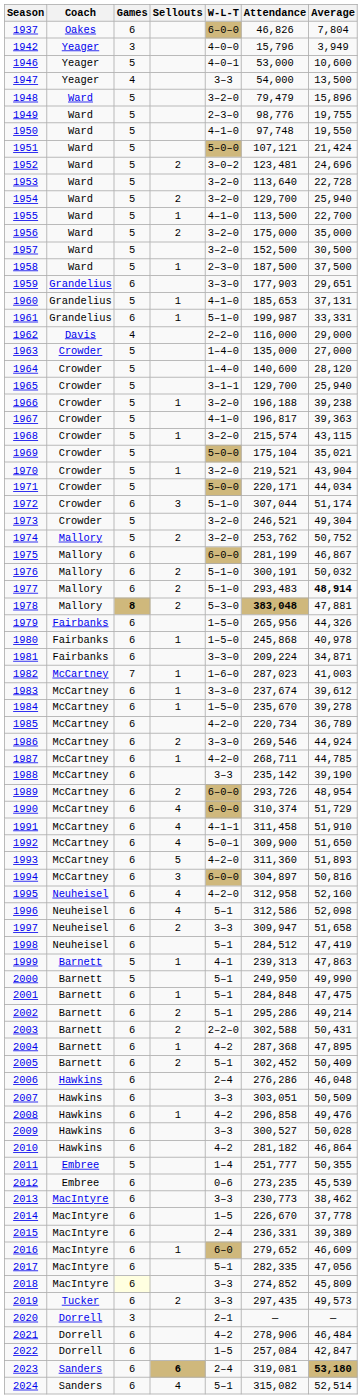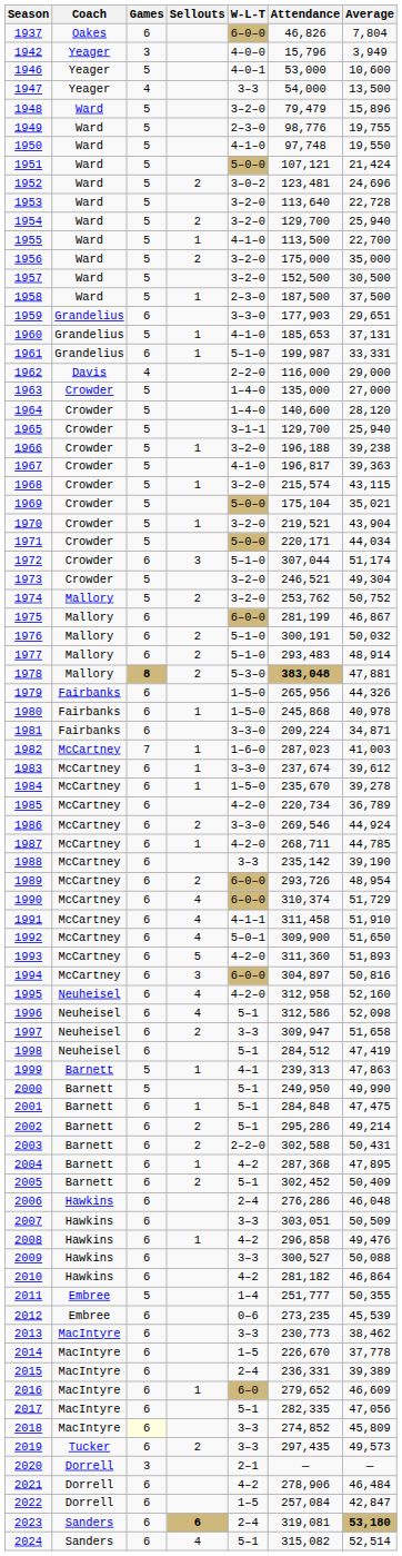 <table class="wikitable" style="text-align:center">
 <tr>
 <th>Season</th>
 <th>Coach</th>
 <th>Games</th>
 <th>Sellouts</th>
 <th>W-L-T</th>
 <th>Attendance</th>
 <th>Average</th>
 </tr>
 <tr>
 <td><a href='#'>1937</a></td>
 <td><a href='#'>Oakes</a></td>
 <td>6</td>
 <td></td>
 <td style="background: #CFB87C">6–0–0</td>
 <td>46,826</td>
 <td>7,804</td>
 </tr>
 <tr>
 <td><a href='#'>1942</a></td>
 <td><a href='#'>Yeager</a></td>
 <td>3</td>
 <td></td>
 <td>4–0–0</td>
 <td>15,796</td>
 <td>3,949</td>
 </tr>
 <tr>
 <td><a href='#'>1946</a></td>
 <td>Yeager</td>
 <td>5</td>
 <td></td>
 <td>4–0–1</td>
 <td>53,000</td>
 <td>10,600</td>
 </tr>
 <tr>
 <td><a href='#'>1947</a></td>
 <td>Yeager</td>
 <td>4</td>
 <td></td>
 <td>3–3</td>
 <td>54,000</td>
 <td>13,500</td>
 </tr>
 <tr>
 <td><a href='#'>1948</a></td>
 <td><a href='#'>Ward</a></td>
 <td>5</td>
 <td></td>
 <td>3–2–0</td>
 <td>79,479</td>
 <td>15,896</td>
 </tr>
 <tr>
 <td><a href='#'>1949</a></td>
 <td>Ward</td>
 <td>5</td>
 <td></td>
 <td>2–3–0</td>
 <td>98,776</td>
 <td>19,755</td>
 </tr>
 <tr>
 <td><a href='#'>1950</a></td>
 <td>Ward</td>
 <td>5</td>
 <td></td>
 <td>4–1–0</td>
 <td>97,748</td>
 <td>19,550</td>
 </tr>
 <tr>
 <td><a href='#'>1951</a></td>
 <td>Ward</td>
 <td>5</td>
 <td></td>
 <td style="background: #CFB87C">5–0–0</td>
 <td>107,121</td>
 <td>21,424</td>
 </tr>
 <tr>
 <td><a href='#'>1952</a></td>
 <td>Ward</td>
 <td>5</td>
 <td>2</td>
 <td>3–0–2</td>
 <td>123,481</td>
 <td>24,696</td>
 </tr>
 <tr>
 <td><a href='#'>1953</a></td>
 <td>Ward</td>
 <td>5</td>
 <td></td>
 <td>3–2–0</td>
 <td>113,640</td>
 <td>22,728</td>
 </tr>
 <tr>
 <td><a href='#'>1954</a></td>
 <td>Ward</td>
 <td>5</td>
 <td>2</td>
 <td>3–2–0</td>
 <td>129,700</td>
 <td>25,940</td>
 </tr>
 <tr>
 <td><a href='#'>1955</a></td>
 <td>Ward</td>
 <td>5</td>
 <td>1</td>
 <td>4–1–0</td>
 <td>113,500</td>
 <td>22,700</td>
 </tr>
 <tr>
 <td><a href='#'>1956</a></td>
 <td>Ward</td>
 <td>5</td>
 <td>2</td>
 <td>3–2–0</td>
 <td>175,000</td>
 <td>35,000</td>
 </tr>
 <tr>
 <td><a href='#'>1957</a></td>
 <td>Ward</td>
 <td>5</td>
 <td></td>
 <td>3–2–0</td>
 <td>152,500</td>
 <td>30,500</td>
 </tr>
 <tr>
 <td><a href='#'>1958</a></td>
 <td>Ward</td>
 <td>5</td>
 <td>1</td>
 <td>2–3–0</td>
 <td>187,500</td>
 <td>37,500</td>
 </tr>
 <tr>
 <td><a href='#'>1959</a></td>
 <td><a href='#'>Grandelius</a></td>
 <td>6</td>
 <td></td>
 <td>3–3–0</td>
 <td>177,903</td>
 <td>29,651</td>
 </tr>
 <tr>
 <td><a href='#'>1960</a></td>
 <td>Grandelius</td>
 <td>5</td>
 <td>1</td>
 <td>4–1–0</td>
 <td>185,653</td>
 <td>37,131</td>
 </tr>
 <tr>
 <td><a href='#'>1961</a></td>
 <td>Grandelius</td>
 <td>6</td>
 <td>1</td>
 <td>5–1–0</td>
 <td>199,987</td>
 <td>33,331</td>
 </tr>
 <tr>
 <td><a href='#'>1962</a></td>
 <td><a href='#'>Davis</a></td>
 <td>4</td>
 <td></td>
 <td>2–2–0</td>
 <td>116,000</td>
 <td>29,000</td>
 </tr>
 <tr>
 <td><a href='#'>1963</a></td>
 <td><a href='#'>Crowder</a></td>
 <td>5</td>
 <td></td>
 <td>1–4–0</td>
 <td>135,000</td>
 <td>27,000</td>
 </tr>
 <tr>
 <td><a href='#'>1964</a></td>
 <td>Crowder</td>
 <td>5</td>
 <td></td>
 <td>1–4–0</td>
 <td>140,600</td>
 <td>28,120</td>
 </tr>
 <tr>
 <td><a href='#'>1965</a></td>
 <td>Crowder</td>
 <td>5</td>
 <td></td>
 <td>3–1–1</td>
 <td>129,700</td>
 <td>25,940</td>
 </tr>
 <tr>
 <td><a href='#'>1966</a></td>
 <td>Crowder</td>
 <td>5</td>
 <td>1</td>
 <td>3–2–0</td>
 <td>196,188</td>
 <td>39,238</td>
 </tr>
 <tr>
 <td><a href='#'>1967</a></td>
 <td>Crowder</td>
 <td>5</td>
 <td></td>
 <td>4–1–0</td>
 <td>196,817</td>
 <td>39,363</td>
 </tr>
 <tr>
 <td><a href='#'>1968</a></td>
 <td>Crowder</td>
 <td>5</td>
 <td>1</td>
 <td>3–2–0</td>
 <td>215,574</td>
 <td>43,115</td>
 </tr>
 <tr>
 <td><a href='#'>1969</a></td>
 <td>Crowder</td>
 <td>5</td>
 <td></td>
 <td style="background: #CFB87C">5–0–0</td>
 <td>175,104</td>
 <td>35,021</td>
 </tr>
 <tr>
 <td><a href='#'>1970</a></td>
 <td>Crowder</td>
 <td>5</td>
 <td>1</td>
 <td>3–2–0</td>
 <td>219,521</td>
 <td>43,904</td>
 </tr>
 <tr>
 <td><a href='#'>1971</a></td>
 <td>Crowder</td>
 <td>5</td>
 <td></td>
 <td style="background: #CFB87C">5–0–0</td>
 <td>220,171</td>
 <td>44,034</td>
 </tr>
 <tr>
 <td><a href='#'>1972</a></td>
 <td>Crowder</td>
 <td>6</td>
 <td>3</td>
 <td>5–1–0</td>
 <td>307,044</td>
 <td>51,174</td>
 </tr>
 <tr>
 <td><a href='#'>1973</a></td>
 <td>Crowder</td>
 <td>5</td>
 <td></td>
 <td>3–2–0</td>
 <td>246,521</td>
 <td>49,304</td>
 </tr>
 <tr>
 <td><a href='#'>1974</a></td>
 <td><a href='#'>Mallory</a></td>
 <td>5</td>
 <td>2</td>
 <td>3–2–0</td>
 <td>253,762</td>
 <td>50,752</td>
 </tr>
 <tr>
 <td><a href='#'>1975</a></td>
 <td>Mallory</td>
 <td>6</td>
 <td></td>
 <td style="background: #CFB87C">6–0–0</td>
 <td>281,199</td>
 <td>46,867</td>
 </tr>
 <tr>
 <td><a href='#'>1976</a></td>
 <td>Mallory</td>
 <td>6</td>
 <td>2</td>
 <td>5–1–0</td>
 <td>300,191</td>
 <td>50,032</td>
 </tr>
 <tr>
 <td><a href='#'>1977</a></td>
 <td>Mallory</td>
 <td>6</td>
 <td>2</td>
 <td>5–1–0</td>
 <td>293,483</td>
-<td><strong>48,914</strong></td>
+<td>48,914</td>
 </tr>
 <tr>
 <td><a href='#'>1978</a></td>
 <td>Mallory</td>
 <td style="background: #CFB87C"><strong>8</strong></td>
 <td>2</td>
 <td>5–3–0</td>
 <td style="background: #CFB87C"><strong>383,048</strong></td>
 <td>47,881</td>
 </tr>
 <tr>
 <td><a href='#'>1979</a></td>
 <td><a href='#'>Fairbanks</a></td>
 <td>6</td>
 <td></td>
 <td>1–5–0</td>
 <td>265,956</td>
 <td>44,326</td>
 </tr>
 <tr>
 <td><a href='#'>1980</a></td>
 <td>Fairbanks</td>
 <td>6</td>
 <td>1</td>
 <td>1–5–0</td>
 <td>245,868</td>
 <td>40,978</td>
 </tr>
 <tr>
 <td><a href='#'>1981</a></td>
 <td>Fairbanks</td>
 <td>6</td>
 <td></td>
 <td>3–3–0</td>
 <td>209,224</td>
 <td>34,871</td>
 </tr>
 <tr>
 <td><a href='#'>1982</a></td>
 <td><a href='#'>McCartney</a></td>
 <td>7</td>
 <td>1</td>
 <td>1–6–0</td>
 <td>287,023</td>
 <td>41,003</td>
 </tr>
 <tr>
 <td><a href='#'>1983</a></td>
 <td>McCartney</td>
 <td>6</td>
 <td>1</td>
 <td>3–3–0</td>
 <td>237,674</td>
 <td>39,612</td>
 </tr>
 <tr>
 <td><a href='#'>1984</a></td>
 <td>McCartney</td>
 <td>6</td>
 <td>1</td>
 <td>1–5–0</td>
 <td>235,670</td>
 <td>39,278</td>
 </tr>
 <tr>
 <td><a href='#'>1985</a></td>
 <td>McCartney</td>
 <td>6</td>
 <td></td>
 <td>4–2–0</td>
 <td>220,734</td>
 <td>36,789</td>
 </tr>
 <tr>
 <td><a href='#'>1986</a></td>
 <td>McCartney</td>
 <td>6</td>
 <td>2</td>
 <td>3–3–0</td>
 <td>269,546</td>
 <td>44,924</td>
 </tr>
 <tr>
 <td><a href='#'>1987</a></td>
 <td>McCartney</td>
 <td>6</td>
 <td>1</td>
 <td>4–2–0</td>
 <td>268,711</td>
 <td>44,785</td>
 </tr>
 <tr>
 <td><a href='#'>1988</a></td>
 <td>McCartney</td>
 <td>6</td>
 <td></td>
 <td>3–3</td>
 <td>235,142</td>
 <td>39,190</td>
 </tr>
 <tr>
 <td><a href='#'>1989</a></td>
 <td>McCartney</td>
 <td>6</td>
 <td>2</td>
 <td style="background: #CFB87C">6–0–0</td>
 <td>293,726</td>
 <td>48,954</td>
 </tr>
 <tr>
 <td><a href='#'>1990</a></td>
 <td>McCartney</td>
 <td>6</td>
 <td>4</td>
 <td style="background: #CFB87C">6–0–0</td>
 <td>310,374</td>
 <td>51,729</td>
 </tr>
 <tr>
 <td><a href='#'>1991</a></td>
 <td>McCartney</td>
 <td>6</td>
 <td>4</td>
 <td>4–1–1</td>
 <td>311,458</td>
 <td>51,910</td>
 </tr>
 <tr>
 <td><a href='#'>1992</a></td>
 <td>McCartney</td>
 <td>6</td>
 <td>4</td>
 <td>5–0–1</td>
 <td>309,900</td>
 <td>51,650</td>
 </tr>
 <tr>
 <td><a href='#'>1993</a></td>
 <td>McCartney</td>
 <td>6</td>
 <td>5</td>
 <td>4–2–0</td>
 <td>311,360</td>
 <td>51,893</td>
 </tr>
 <tr>
 <td><a href='#'>1994</a></td>
 <td>McCartney</td>
 <td>6</td>
 <td>3</td>
 <td style="background: #CFB87C">6–0–0</td>
 <td>304,897</td>
 <td>50,816</td>
 </tr>
 <tr>
 <td><a href='#'>1995</a></td>
 <td><a href='#'>Neuheisel</a></td>
 <td>6</td>
 <td>4</td>
 <td>4–2–0</td>
 <td>312,958</td>
 <td>52,160</td>
 </tr>
 <tr>
 <td><a href='#'>1996</a></td>
 <td>Neuheisel</td>
 <td>6</td>
 <td>4</td>
 <td>5–1</td>
 <td>312,586</td>
 <td>52,098</td>
 </tr>
 <tr>
 <td><a href='#'>1997</a></td>
 <td>Neuheisel</td>
 <td>6</td>
 <td>2</td>
 <td>3–3</td>
 <td>309,947</td>
 <td>51,658</td>
 </tr>
 <tr>
 <td><a href='#'>1998</a></td>
 <td>Neuheisel</td>
 <td>6</td>
 <td></td>
 <td>5–1</td>
 <td>284,512</td>
 <td>47,419</td>
 </tr>
 <tr>
 <td><a href='#'>1999</a></td>
 <td><a href='#'>Barnett</a></td>
 <td>5</td>
 <td>1</td>
 <td>4–1</td>
 <td>239,313</td>
 <td>47,863</td>
 </tr>
 <tr>
 <td><a href='#'>2000</a></td>
 <td>Barnett</td>
 <td>5</td>
 <td></td>
 <td>5–1</td>
 <td>249,950</td>
 <td>49,990</td>
 </tr>
 <tr>
 <td><a href='#'>2001</a></td>
 <td>Barnett</td>
 <td>6</td>
 <td>1</td>
 <td>5–1</td>
 <td>284,848</td>
 <td>47,475</td>
 </tr>
 <tr>
 <td><a href='#'>2002</a></td>
 <td>Barnett</td>
 <td>6</td>
 <td>2</td>
 <td>5–1</td>
 <td>295,286</td>
 <td>49,214</td>
 </tr>
 <tr>
 <td><a href='#'>2003</a></td>
 <td>Barnett</td>
 <td>6</td>
 <td>2</td>
 <td>2–2–0</td>
 <td>302,588</td>
 <td>50,431</td>
 </tr>
 <tr>
 <td><a href='#'>2004</a></td>
 <td>Barnett</td>
 <td>6</td>
 <td>1</td>
 <td>4–2</td>
 <td>287,368</td>
 <td>47,895</td>
 </tr>
 <tr>
 <td><a href='#'>2005</a></td>
 <td>Barnett</td>
 <td>6</td>
 <td>2</td>
 <td>5–1</td>
 <td>302,452</td>
 <td>50,409</td>
 </tr>
 <tr>
 <td><a href='#'>2006</a></td>
 <td><a href='#'>Hawkins</a></td>
 <td>6</td>
 <td></td>
 <td>2–4</td>
 <td>276,286</td>
 <td>46,048</td>
 </tr>
 <tr>
 <td><a href='#'>2007</a></td>
 <td>Hawkins</td>
 <td>6</td>
 <td></td>
 <td>3–3</td>
 <td>303,051</td>
 <td>50,509</td>
 </tr>
 <tr>
 <td><a href='#'>2008</a></td>
 <td>Hawkins</td>
 <td>6</td>
 <td>1</td>
 <td>4–2</td>
 <td>296,858</td>
 <td>49,476</td>
 </tr>
 <tr>
 <td><a href='#'>2009</a></td>
 <td>Hawkins</td>
 <td>6</td>
 <td></td>
 <td>3–3</td>
 <td>300,527</td>
-<td>50,028</td>
+<td>50,088</td>
 </tr>
 <tr>
 <td><a href='#'>2010</a></td>
 <td>Hawkins</td>
 <td>6</td>
 <td></td>
 <td>4–2</td>
 <td>281,182</td>
 <td>46,864</td>
 </tr>
 <tr>
 <td><a href='#'>2011</a></td>
 <td><a href='#'>Embree</a></td>
 <td>5</td>
 <td></td>
 <td>1–4</td>
 <td>251,777</td>
 <td>50,355</td>
 </tr>
 <tr>
 <td><a href='#'>2012</a></td>
 <td>Embree</td>
 <td>6</td>
 <td></td>
 <td>0–6</td>
 <td>273,235</td>
 <td>45,539</td>
 </tr>
 <tr>
 <td><a href='#'>2013</a></td>
 <td><a href='#'>MacIntyre</a></td>
 <td>6</td>
 <td></td>
 <td>3–3</td>
 <td>230,773</td>
 <td>38,462</td>
 </tr>
 <tr>
 <td><a href='#'>2014</a></td>
 <td>MacIntyre</td>
 <td>6</td>
 <td></td>
 <td>1–5</td>
 <td>226,670</td>
 <td>37,778</td>
 </tr>
 <tr>
 <td><a href='#'>2015</a></td>
 <td>MacIntyre</td>
 <td>6</td>
 <td></td>
 <td>2–4</td>
 <td>236,331</td>
 <td>39,389</td>
 </tr>
 <tr>
 <td><a href='#'>2016</a></td>
 <td>MacIntyre</td>
 <td>6</td>
 <td>1</td>
 <td style="background: #CFB87C">6–0</td>
 <td>279,652</td>
 <td>46,609</td>
 </tr>
 <tr>
 <td><a href='#'>2017</a></td>
 <td>MacIntyre</td>
 <td>6</td>
 <td></td>
 <td>5–1</td>
 <td>282,335</td>
 <td>47,056</td>
 </tr>
 <tr>
 <td><a href='#'>2018</a></td>
 <td>MacIntyre</td>
 <td style="background: lightyellow;">6</td>
 <td></td>
 <td>3–3</td>
 <td>274,852</td>
 <td>45,809</td>
 </tr>
 <tr>
 <td><a href='#'>2019</a></td>
 <td><a href='#'>Tucker</a></td>
 <td>6</td>
 <td>2</td>
 <td>3–3</td>
 <td>297,435</td>
 <td>49,573</td>
 </tr>
 <tr>
 <td><a href='#'>2020</a></td>
 <td><a href='#'>Dorrell</a></td>
 <td>3</td>
 <td></td>
 <td>2–1</td>
 <td>—</td>
 <td>—</td>
 </tr>
 <tr>
 <td><a href='#'>2021</a></td>
 <td>Dorrell</td>
 <td>6</td>
 <td></td>
 <td>4–2</td>
 <td>278,906</td>
 <td>46,484</td>
 </tr>
 <tr>
 <td><a href='#'>2022</a></td>
 <td>Dorrell</td>
 <td>6</td>
 <td></td>
 <td>1–5</td>
 <td>257,084</td>
 <td>42,847</td>
 </tr>
 <tr>
 <td><a href='#'>2023</a></td>
 <td><a href='#'>Sanders</a></td>
 <td>6</td>
 <td style="background: #CFB87C"><strong>6</strong></td>
 <td>2–4</td>
 <td>319,081</td>
 <td style="background: #CFB87C"><strong>53,180</strong></td>
 </tr>
 <tr>
 <td><a href='#'>2024</a></td>
 <td>Sanders</td>
 <td>6</td>
 <td>4</td>
 <td>5–1</td>
 <td>315,082</td>
 <td>52,514</td>
 </tr>
 </table>
